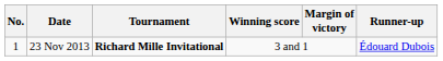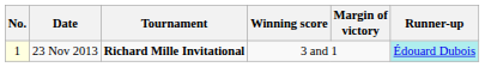 <table class="wikitable" style="font-size:95%;">
 <tr>
 <th>No.</th>
 <th>Date</th>
 <th>Tournament</th>
 <th>Winning score</th>
 <th>Margin of<br>victory</th>
 <th>Runner-up</th>
 </tr>
 <tr>
-<td align=center>1</td>
+<td align=center style="background: lightyellow;">1</td>
 <td align=right>23 Nov 2013</td>
 <td><strong>Richard Mille Invitational</strong></td>
 <td colspan=2 align=center>3 and 1</td>
-<td> <a href='#'>Édouard Dubois</a></td>
+<td style="background: paleturquoise;"> <a href='#'>Édouard Dubois</a></td>
 </tr>
 </table>
